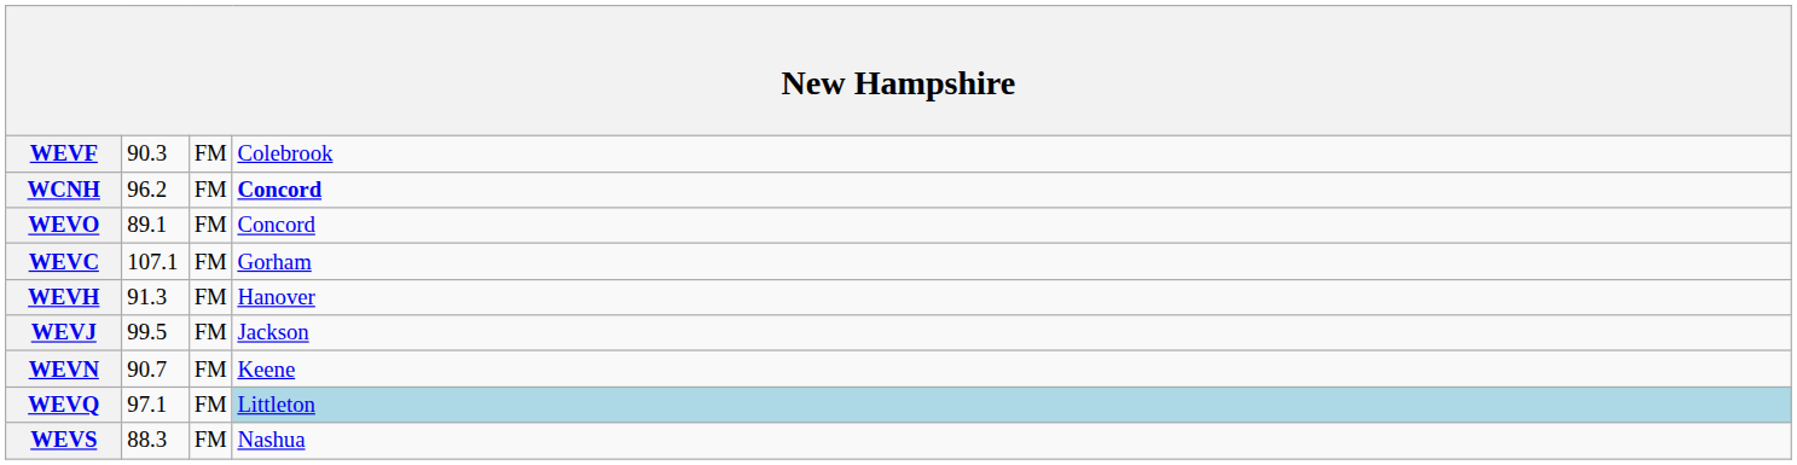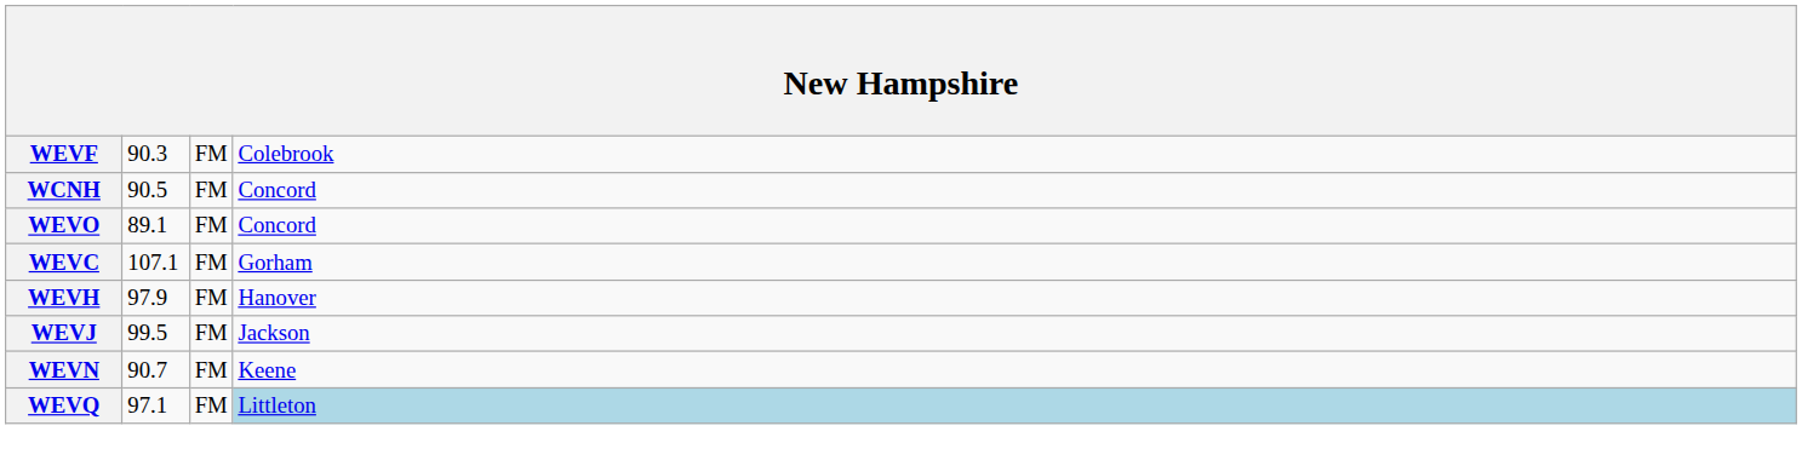 <table class="wikitable mw-collapsible" style="width:100%">
 <tr>
 <th scope="col" colspan="4"><br><h2>New Hampshire</h2></th>
 </tr>
 <tr>
 <th scope="row" style="width: 75px;"><a href='#'>WEVF</a></th>
 <td style="width: 40px;">90.3</td>
 <td style="width: 21px;">FM</td>
 <td><a href='#'>Colebrook</a></td>
 </tr>
 <tr>
 <th scope="row"><a href='#'>WCNH</a></th>
-<td>96.2</td>
+<td>90.5</td>
 <td>FM</td>
-<td><strong><a href='#'>Concord</a></strong></td>
+<td><a href='#'>Concord</a></td>
 </tr>
 <tr>
 <th scope="row"><a href='#'>WEVO</a></th>
 <td>89.1</td>
 <td>FM</td>
 <td><a href='#'>Concord</a></td>
 </tr>
 <tr>
 <th scope="row"><a href='#'>WEVC</a></th>
 <td>107.1</td>
 <td>FM</td>
 <td><a href='#'>Gorham</a></td>
 </tr>
 <tr>
 <th scope="row"><a href='#'>WEVH</a></th>
-<td>91.3</td>
+<td>97.9</td>
 <td>FM</td>
 <td><a href='#'>Hanover</a></td>
 </tr>
 <tr>
 <th scope="row"><a href='#'>WEVJ</a></th>
 <td>99.5</td>
 <td>FM</td>
 <td><a href='#'>Jackson</a></td>
 </tr>
 <tr>
 <th scope="row"><a href='#'>WEVN</a></th>
 <td>90.7</td>
 <td>FM</td>
 <td><a href='#'>Keene</a></td>
 </tr>
 <tr>
 <th scope="row"><a href='#'>WEVQ</a></th>
 <td>97.1</td>
 <td>FM</td>
 <td style="background: lightblue;"><a href='#'>Littleton</a></td>
 </tr>
-<tr>
-<th scope="row"><a href='#'>WEVS</a></th>
-<td>88.3</td>
-<td>FM</td>
-<td><a href='#'>Nashua</a></td>
-</tr>
 </table>
